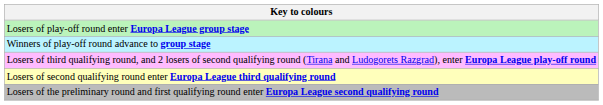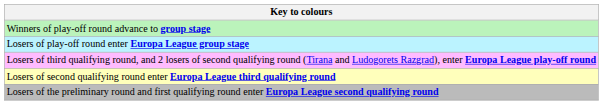 <table class="wikitable">
 <tr>
 <th>Key to colours</th>
 </tr>
 <tr bgcolor=#BBF3BB>
-<td>Losers of play-off round enter <strong><a href='#'>Europa League group stage</a></strong></td>
+<td>Winners of play-off round advance to <strong><a href='#'>group stage</a></strong></td>
 </tr>
 <tr bgcolor=#BBF3FF>
-<td>Winners of play-off round advance to <strong><a href='#'>group stage</a></strong></td>
+<td>Losers of play-off round enter <strong><a href='#'>Europa League group stage</a></strong></td>
 </tr>
 <tr bgcolor=#FFBBFF>
 <td>Losers of third qualifying round, and 2 losers of second qualifying round (<a href='#'>Tirana</a> and <a href='#'>Ludogorets Razgrad</a>), enter <strong><a href='#'>Europa League play-off round</a></strong></td>
 </tr>
 <tr bgcolor=#FFFFBB>
 <td>Losers of second qualifying round enter <strong><a href='#'>Europa League third qualifying round</a></strong></td>
 </tr>
 <tr bgcolor=#BBBBBB>
 <td>Losers of the preliminary round and first qualifying round enter <strong><a href='#'>Europa League second qualifying round</a></strong></td>
 </tr>
 </table>
